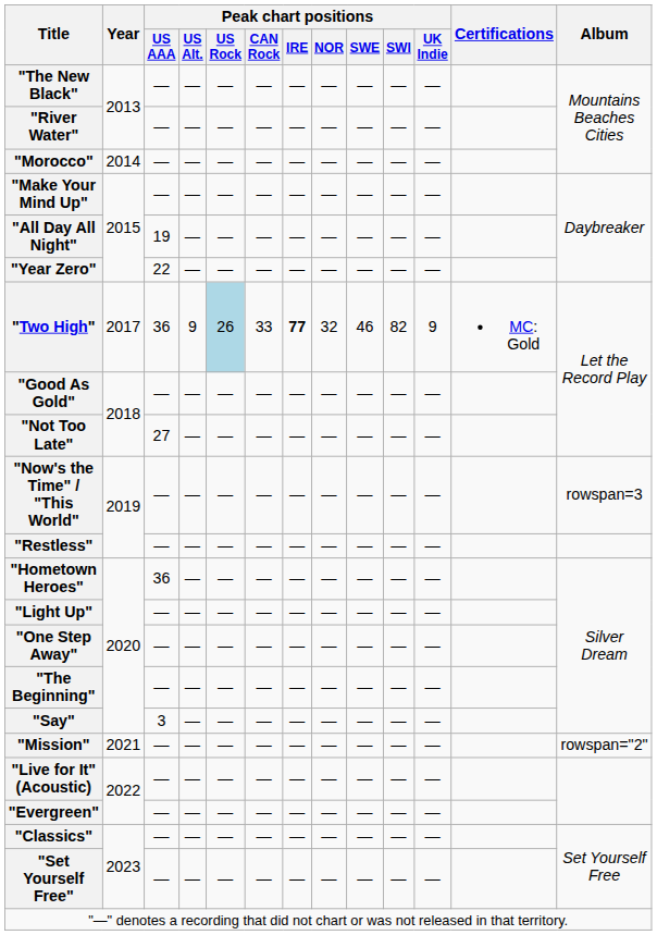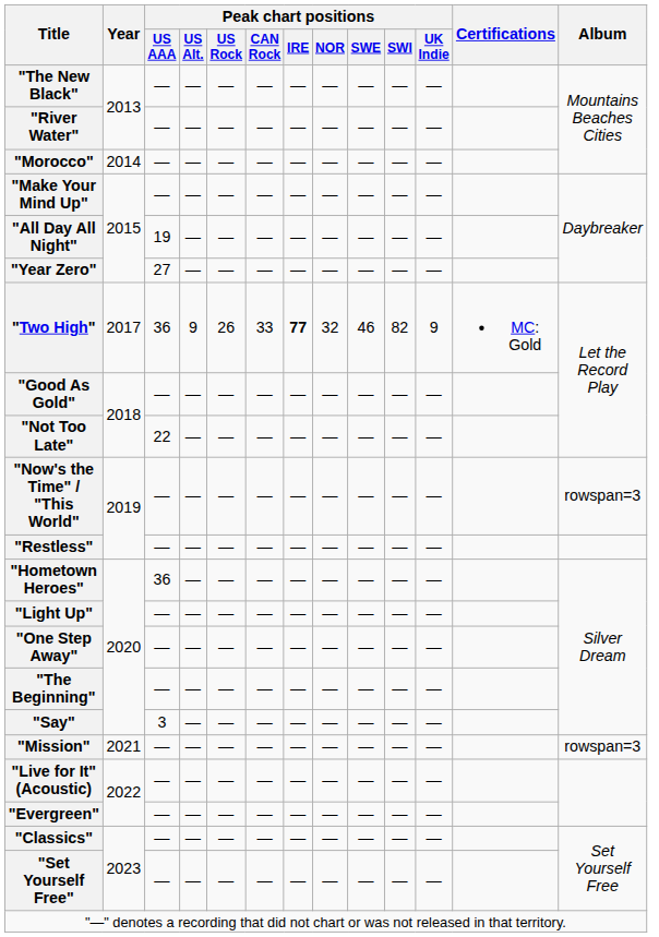 <table class="wikitable plainrowheaders" style="text-align:center;">
 <tr>
 <th scope="col" rowspan="2">Title</th>
 <th scope="col" rowspan="2">Year</th>
 <th scope="col" colspan="9">Peak chart positions</th>
 <th rowspan="2"><a href='#'>Certifications</a></th>
 <th scope="col" rowspan="2">Album</th>
 </tr>
 <tr>
 <th scope="col" style="width:2.5em;font-size:85%;"><a href='#'>US<br>AAA</a><br></th>
 <th scope="col" style="width:2.5em;font-size:85%;"><a href='#'>US<br>Alt.</a><br></th>
 <th scope="col" style="width:2.5em;font-size:85%;"><a href='#'>US<br>Rock</a><br></th>
 <th scope="col" style="width:2.5em;font-size:85%;"><a href='#'>CAN<br>Rock</a><br></th>
 <th scope="col" style="width:2.5em;font-size:85%;"><a href='#'>IRE</a><br></th>
 <th scope="col" style="width:2.5em;font-size:85%;"><a href='#'>NOR</a><br></th>
 <th scope="col" style="width:2.5em;font-size:85%;"><a href='#'>SWE</a><br></th>
 <th scope="col" style="width:2.5em;font-size:85%;"><a href='#'>SWI</a><br></th>
 <th scope="col" style="width:2.5em;font-size:85%;"><a href='#'>UK<br>Indie</a><br></th>
 </tr>
 <tr>
 <th scope="row">"The New Black"</th>
 <td rowspan="2">2013</td>
 <td>—</td>
 <td>—</td>
 <td>—</td>
 <td>—</td>
 <td>—</td>
 <td>—</td>
 <td>—</td>
 <td>—</td>
 <td>—</td>
 <td></td>
 <td rowspan="3"><em>Mountains Beaches Cities</em></td>
 </tr>
 <tr>
 <th scope="row">"River Water"</th>
 <td>—</td>
 <td>—</td>
 <td>—</td>
 <td>—</td>
 <td>—</td>
 <td>—</td>
 <td>—</td>
 <td>—</td>
 <td>—</td>
 <td></td>
 </tr>
 <tr>
 <th scope="row">"Morocco"</th>
 <td>2014</td>
 <td>—</td>
 <td>—</td>
 <td>—</td>
 <td>—</td>
 <td>—</td>
 <td>—</td>
 <td>—</td>
 <td>—</td>
 <td>—</td>
 <td></td>
 </tr>
 <tr>
 <th scope="row">"Make Your Mind Up"</th>
 <td rowspan="3">2015</td>
 <td>—</td>
 <td>—</td>
 <td>—</td>
 <td>—</td>
 <td>—</td>
 <td>—</td>
 <td>—</td>
 <td>—</td>
 <td>—</td>
 <td></td>
 <td rowspan="3"><em>Daybreaker</em></td>
 </tr>
 <tr>
 <th scope="row">"All Day All Night"</th>
 <td>19</td>
 <td>—</td>
 <td>—</td>
 <td>—</td>
 <td>—</td>
 <td>—</td>
 <td>—</td>
 <td>—</td>
 <td>—</td>
 <td></td>
 </tr>
 <tr>
 <th scope="row">"Year Zero"</th>
-<td>22</td>
+<td>27</td>
 <td>—</td>
 <td>—</td>
 <td>—</td>
 <td>—</td>
 <td>—</td>
 <td>—</td>
 <td>—</td>
 <td>—</td>
 <td></td>
 </tr>
 <tr>
 <th scope="row">"<a href='#'>Two High</a>"</th>
 <td>2017</td>
 <td>36</td>
 <td>9</td>
-<td style="background: lightblue;">26</td>
+<td>26</td>
 <td>33</td>
 <td><strong>77</strong></td>
 <td>32</td>
 <td>46</td>
 <td>82</td>
 <td>9</td>
 <td><br><ul><li><a href='#'>MC</a>: Gold</li></ul></td>
 <td rowspan="3"><em>Let the Record Play</em></td>
 </tr>
 <tr>
 <th scope="row">"Good As Gold"</th>
 <td rowspan="2">2018</td>
 <td>—</td>
 <td>—</td>
 <td>—</td>
 <td>—</td>
 <td>—</td>
 <td>—</td>
 <td>—</td>
 <td>—</td>
 <td>—</td>
 <td></td>
 </tr>
 <tr>
 <th scope="row">"Not Too Late"</th>
-<td>27</td>
+<td>22</td>
 <td>—</td>
 <td>—</td>
 <td>—</td>
 <td>—</td>
 <td>—</td>
 <td>—</td>
 <td>—</td>
 <td>—</td>
 <td></td>
 </tr>
 <tr>
 <th scope="row">"Now's the Time" / "This World"</th>
 <td rowspan="2">2019</td>
 <td>—</td>
 <td>—</td>
 <td>—</td>
 <td>—</td>
 <td>—</td>
 <td>—</td>
 <td>—</td>
 <td>—</td>
 <td>—</td>
 <td></td>
 <td>rowspan=3 </td>
 </tr>
 <tr>
 <th scope="row">"Restless"</th>
 <td>—</td>
 <td>—</td>
 <td>—</td>
 <td>—</td>
 <td>—</td>
 <td>—</td>
 <td>—</td>
 <td>—</td>
 <td>—</td>
 <td></td>
 </tr>
 <tr>
 <th scope="row">"Hometown Heroes"<br></th>
 <td rowspan="5">2020</td>
 <td>36</td>
 <td>—</td>
 <td>—</td>
 <td>—</td>
 <td>—</td>
 <td>—</td>
 <td>—</td>
 <td>—</td>
 <td>—</td>
 <td></td>
 <td rowspan="5"><em>Silver Dream</em></td>
 </tr>
 <tr>
 <th scope="row">"Light Up"</th>
 <td>—</td>
 <td>—</td>
 <td>—</td>
 <td>—</td>
 <td>—</td>
 <td>—</td>
 <td>—</td>
 <td>—</td>
 <td>—</td>
 <td></td>
 </tr>
 <tr>
 <th scope="row">"One Step Away"</th>
 <td>—</td>
 <td>—</td>
 <td>—</td>
 <td>—</td>
 <td>—</td>
 <td>—</td>
 <td>—</td>
 <td>—</td>
 <td>—</td>
 <td></td>
 </tr>
 <tr>
 <th scope="row">"The Beginning"</th>
 <td>—</td>
 <td>—</td>
 <td>—</td>
 <td>—</td>
 <td>—</td>
 <td>—</td>
 <td>—</td>
 <td>—</td>
 <td>—</td>
 <td></td>
 </tr>
 <tr>
 <th scope="row">"Say"</th>
 <td>3</td>
 <td>—</td>
 <td>—</td>
 <td>—</td>
 <td>—</td>
 <td>—</td>
 <td>—</td>
 <td>—</td>
 <td>—</td>
 <td></td>
 </tr>
 <tr>
 <th scope="row">"Mission"</th>
 <td>2021</td>
 <td>—</td>
 <td>—</td>
 <td>—</td>
 <td>—</td>
 <td>—</td>
 <td>—</td>
 <td>—</td>
 <td>—</td>
 <td>—</td>
 <td></td>
-<td>rowspan="2" </td>
+<td>rowspan=3 </td>
 </tr>
 <tr>
 <th scope="row">"Live for It" (Acoustic)</th>
 <td rowspan=2>2022</td>
 <td>—</td>
 <td>—</td>
 <td>—</td>
 <td>—</td>
 <td>—</td>
 <td>—</td>
 <td>—</td>
 <td>—</td>
 <td>—</td>
 <td></td>
 </tr>
 <tr>
 <th scope="row">"Evergreen"<br> </th>
 <td>—</td>
 <td>—</td>
 <td>—</td>
 <td>—</td>
 <td>—</td>
 <td>—</td>
 <td>—</td>
 <td>—</td>
 <td>—</td>
 <td></td>
 </tr>
 <tr>
 <th scope="row">"Classics"</th>
 <td rowspan=2>2023</td>
 <td>—</td>
 <td>—</td>
 <td>—</td>
 <td>—</td>
 <td>—</td>
 <td>—</td>
 <td>—</td>
 <td>—</td>
 <td>—</td>
 <td></td>
 <td rowspan=2><em>Set Yourself Free</em></td>
 </tr>
 <tr>
 <th scope="row">"Set Yourself Free"</th>
 <td>—</td>
 <td>—</td>
 <td>—</td>
 <td>—</td>
 <td>—</td>
 <td>—</td>
 <td>—</td>
 <td>—</td>
 <td>—</td>
 <td></td>
 </tr>
 <tr>
 <td colspan="14" style="font-size:90%">"—" denotes a recording that did not chart or was not released in that territory.</td>
 </tr>
 </table>
